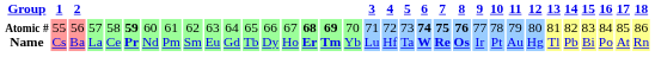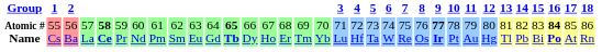 <table style="text-align:center;">
 <tr>
 <th><a href='#'>Group</a></th>
 <th><a href='#'>1</a></th>
 <th><a href='#'>2</a></th>
 <th colspan="14" align="center"> </th>
 <th><a href='#'>3</a></th>
 <th><a href='#'>4</a></th>
 <th><a href='#'>5</a></th>
 <th><a href='#'>6</a></th>
 <th><a href='#'>7</a></th>
 <th><a href='#'>8</a></th>
 <th><a href='#'>9</a></th>
 <th><a href='#'>10</a></th>
 <th><a href='#'>11</a></th>
 <th><a href='#'>12</a></th>
 <th><a href='#'>13</a></th>
 <th><a href='#'>14</a></th>
 <th><a href='#'>15</a></th>
 <th><a href='#'>16</a></th>
 <th><a href='#'>17</a></th>
 <th><a href='#'>18</a></th>
 </tr>
 <tr>
 <th><small>Atomic #</small><br>Name</th>
 <td bgcolor="#ff9999">55<br><a href='#'>Cs</a></td>
 <td bgcolor="#ff9999">56<br><a href='#'>Ba</a></td>
 <td bgcolor="#9bff99">57<br><a href='#'>La</a></td>
-<td bgcolor="#9bff99">58<br><a href='#'>Ce</a></td>
-<td bgcolor="#9bff99"><strong>59<br><a href='#'>Pr</a></strong></td>
+<td bgcolor="#9bff99"><strong>58<br><a href='#'>Ce</a></strong></td>
+<td bgcolor="#9bff99">59<br><a href='#'>Pr</a></td>
 <td bgcolor="#9bff99">60<br><a href='#'>Nd</a></td>
 <td bgcolor="#9bff99">61<br><a href='#'>Pm</a></td>
 <td bgcolor="#9bff99">62<br><a href='#'>Sm</a></td>
 <td bgcolor="#9bff99">63<br><a href='#'>Eu</a></td>
 <td bgcolor="#9bff99">64<br><a href='#'>Gd</a></td>
-<td bgcolor="#9bff99">65<br><a href='#'>Tb</a></td>
+<td bgcolor="#9bff99"><strong>65<br><a href='#'>Tb</a></strong></td>
 <td bgcolor="#9bff99">66<br><a href='#'>Dy</a></td>
 <td bgcolor="#9bff99">67<br><a href='#'>Ho</a></td>
-<td bgcolor="#9bff99"><strong>68<br><a href='#'>Er</a></strong></td>
-<td bgcolor="#9bff99"><strong>69<br><a href='#'>Tm</a></strong></td>
+<td bgcolor="#9bff99">68<br><a href='#'>Er</a></td>
+<td bgcolor="#9bff99">69<br><a href='#'>Tm</a></td>
 <td bgcolor="#9bff99">70<br><a href='#'>Yb</a></td>
 <td bgcolor="#99ccff">71<br><a href='#'>Lu</a></td>
 <td bgcolor="#99ccff">72<br><a href='#'>Hf</a></td>
 <td bgcolor="#99ccff">73<br><a href='#'>Ta</a></td>
-<td bgcolor="#99ccff"><strong>74<br><a href='#'>W</a></strong></td>
-<td bgcolor="#99ccff"><strong>75<br><a href='#'>Re</a></strong></td>
-<td bgcolor="#99ccff"><strong>76<br><a href='#'>Os</a></strong></td>
-<td bgcolor="#99ccff">77<br><a href='#'>Ir</a></td>
+<td bgcolor="#99ccff">74<br><a href='#'>W</a></td>
+<td bgcolor="#99ccff">75<br><a href='#'>Re</a></td>
+<td bgcolor="#99ccff">76<br><a href='#'>Os</a></td>
+<td bgcolor="#99ccff"><strong>77<br><a href='#'>Ir</a></strong></td>
 <td bgcolor="#99ccff">78<br><a href='#'>Pt</a></td>
 <td bgcolor="#99ccff">79<br><a href='#'>Au</a></td>
 <td bgcolor="#99ccff"><span>80</span><br><a href='#'>Hg</a></td>
 <td bgcolor="#fdff8c">81<br><a href='#'>Tl</a></td>
 <td bgcolor="#fdff8c">82<br><a href='#'>Pb</a></td>
 <td bgcolor="#fdff8c">83<br><a href='#'>Bi</a></td>
-<td bgcolor="#fdff8c">84<br><a href='#'>Po</a></td>
+<td bgcolor="#fdff8c"><strong>84<br><a href='#'>Po</a></strong></td>
 <td bgcolor="#fdff8c">85<br><a href='#'>At</a></td>
 <td bgcolor="#fdff8c"><span>86</span><br><a href='#'>Rn</a></td>
 </tr>
 </table>
